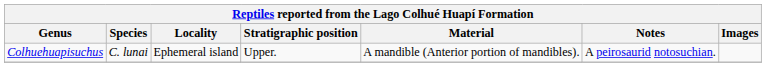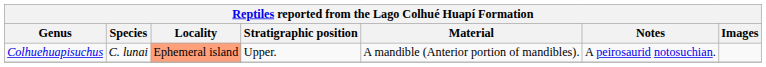 <table class="wikitable" align="center">
 <tr>
 <th colspan="7" align="center"><strong><a href='#'>Reptiles</a> reported from the Lago Colhué Huapí Formation</strong></th>
 </tr>
 <tr>
 <th>Genus</th>
 <th>Species</th>
 <th>Locality</th>
 <th>Stratigraphic position</th>
 <th>Material</th>
 <th>Notes</th>
 <th>Images</th>
 </tr>
 <tr>
 <td><em><a href='#'>Colhuehuapisuchus</a></em></td>
 <td><em>C. lunai</em></td>
-<td>Ephemeral island</td>
+<td style="background: lightsalmon;">Ephemeral island</td>
 <td>Upper.</td>
 <td>A mandible (Anterior portion of mandibles).</td>
 <td>A <a href='#'>peirosaurid</a> <a href='#'>notosuchian</a>.</td>
 <td></td>
 </tr>
 <tr>
 </tr>
 </table>
